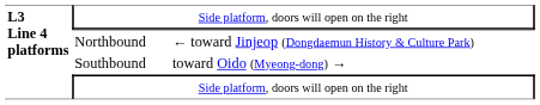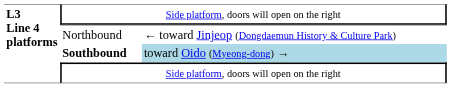 <table table border=0 cellspacing=0 cellpadding=3>
 <tr>
 <td style="border-top:solid 1px gray;border-bottom:solid 1px gray;" width=50 rowspan=10 valign=top><strong>L3<br>Line 4 platforms</strong></td>
 <td style="border-top:solid 1px gray;border-right:solid 2px black;border-left:solid 2px black;border-bottom:solid 2px black;text-align:center;" colspan=2><small><a href='#'>Side platform</a>, doors will open on the right</small></td>
 </tr>
 <tr>
 <td style="border-bottom:solid 0px gray;border-top:solid 1px gray;" width=100>Northbound</td>
 <td style="border-bottom:solid 0px gray;border-top:solid 1px gray;" width=390>←  toward <a href='#'>Jinjeop</a> <small>(<a href='#'>Dongdaemun History & Culture Park</a>)</small></td>
 </tr>
 <tr>
-<td>Southbound</td>
-<td>  toward <a href='#'>Oido</a> <small>(<a href='#'>Myeong-dong</a>)</small> →</td>
+<td><strong>Southbound</strong></td>
+<td style="background: lightblue;">  toward <a href='#'>Oido</a> <small>(<a href='#'>Myeong-dong</a>)</small> →</td>
 </tr>
 <tr>
 <td style="border-top:solid 2px black;border-right:solid 2px black;border-left:solid 2px black;border-bottom:solid 1px gray;text-align:center;" colspan=2><small><a href='#'>Side platform</a>, doors will open on the right</small></td>
 </tr>
 </table>
